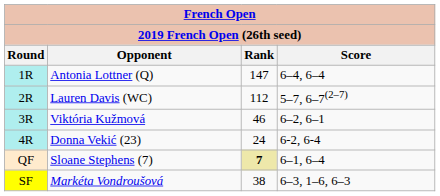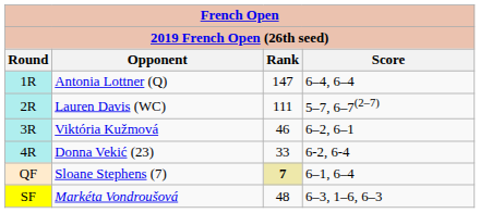 <table class=wikitable>
 <tr>
 <th colspan=4 style="background:#ebc2af;"><a href='#'>French Open</a></th>
 </tr>
 <tr>
 <th colspan=4 style="background:#ebc2af;"><a href='#'>2019 French Open</a> (26th seed)</th>
 </tr>
 <tr>
 <th width=40>Round</th>
 <th width=235>Opponent</th>
 <th width=20>Rank</th>
 <th width=190>Score</th>
 </tr>
 <tr>
 <td style="text-align:center; background:#afeeee;">1R</td>
 <td> <a href='#'>Antonia Lottner</a> (Q)</td>
 <td style="text-align:center">147</td>
 <td>6–4, 6–4</td>
 </tr>
 <tr>
 <td style="text-align:center; background:#afeeee;">2R</td>
 <td> <a href='#'>Lauren Davis</a> (WC)</td>
-<td style="text-align:center">112</td>
+<td style="text-align:center">111</td>
 <td>5–7, 6–7<sup>(2–7)</sup></td>
 </tr>
 <tr>
 <td style="text-align:center; background:#afeeee;">3R</td>
 <td> <a href='#'>Viktória Kužmová</a></td>
 <td style="text-align:center">46</td>
 <td>6–2, 6–1</td>
 </tr>
 <tr>
 <td style="text-align:center; background:#afeeee;">4R</td>
 <td> <a href='#'>Donna Vekić</a> (23)</td>
-<td style="text-align:center">24</td>
+<td style="text-align:center">33</td>
 <td>6-2, 6-4</td>
 </tr>
 <tr>
 <td style="text-align:center; background:#ffebcd;">QF</td>
 <td> <a href='#'>Sloane Stephens</a> (7)</td>
 <td style="text-align:center; background:#EEE8AA;"><strong>7</strong></td>
 <td>6–1, 6–4</td>
 </tr>
 <tr>
 <td style="text-align:center; background:yellow;">SF</td>
 <td> <em><a href='#'>Markéta Vondroušová</a></em></td>
-<td style="text-align:center">38</td>
+<td style="text-align:center">48</td>
 <td>6–3, 1–6, 6–3</td>
 </tr>
 </table>
